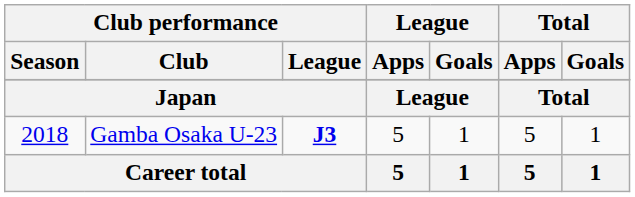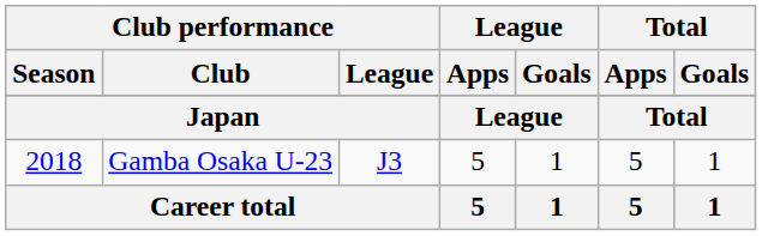 <table class="wikitable" style="text-align:center">
 <tr>
 <th colspan=3>Club performance</th>
 <th colspan=2>League</th>
 <th colspan=2>Total</th>
 </tr>
 <tr>
 <th>Season</th>
 <th>Club</th>
 <th>League</th>
 <th>Apps</th>
 <th>Goals</th>
 <th>Apps</th>
 <th>Goals</th>
 </tr>
 <tr>
 </tr>
 <tr>
 <th colspan=3>Japan</th>
 <th colspan=2>League</th>
 <th colspan=2>Total</th>
 </tr>
 <tr>
 <td><a href='#'>2018</a></td>
 <td><a href='#'>Gamba Osaka U-23</a></td>
-<td><strong><a href='#'>J3</a></strong></td>
+<td><a href='#'>J3</a></td>
 <td>5</td>
 <td>1</td>
 <td>5</td>
 <td>1</td>
 </tr>
 <tr>
 <th colspan=3>Career total</th>
 <th>5</th>
 <th>1</th>
 <th>5</th>
 <th>1</th>
 </tr>
 </table>
